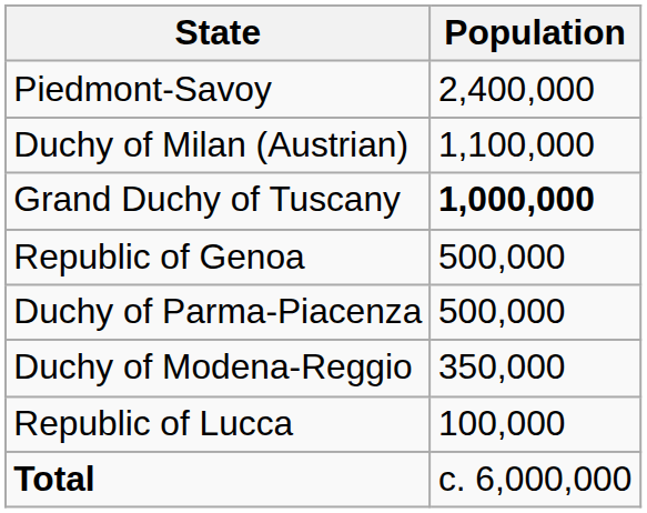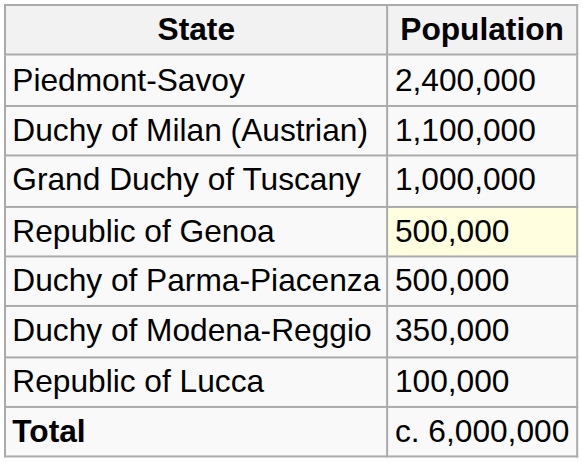 <table class="wikitable">
 <tr>
 <th>State</th>
 <th>Population</th>
 </tr>
 <tr>
 <td>Piedmont-Savoy</td>
 <td>2,400,000</td>
 </tr>
 <tr>
 <td>Duchy of Milan (Austrian)</td>
 <td>1,100,000</td>
 </tr>
 <tr>
 <td>Grand Duchy of Tuscany</td>
-<td><strong>1,000,000</strong></td>
+<td>1,000,000</td>
 </tr>
 <tr>
 <td>Republic of Genoa</td>
-<td>500,000</td>
+<td style="background: lightyellow;">500,000</td>
 </tr>
 <tr>
 <td>Duchy of Parma-Piacenza</td>
 <td>500,000</td>
 </tr>
 <tr>
 <td>Duchy of Modena-Reggio</td>
 <td>350,000</td>
 </tr>
 <tr>
 <td>Republic of Lucca</td>
 <td>100,000</td>
 </tr>
 <tr>
 <td><strong>Total</strong></td>
 <td>c. 6,000,000</td>
 </tr>
 </table>
